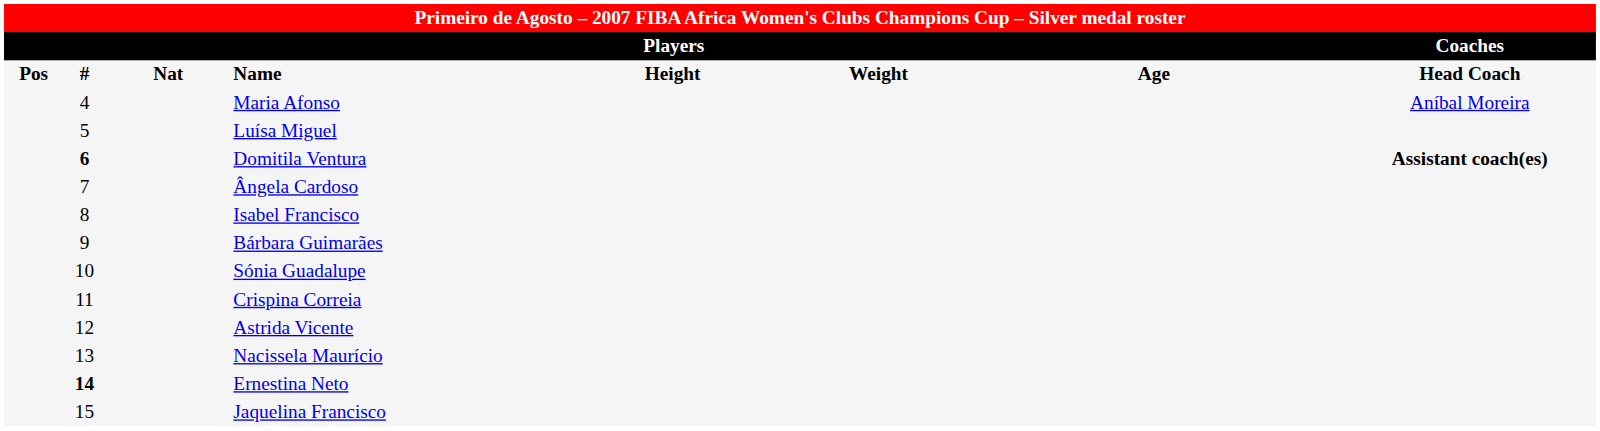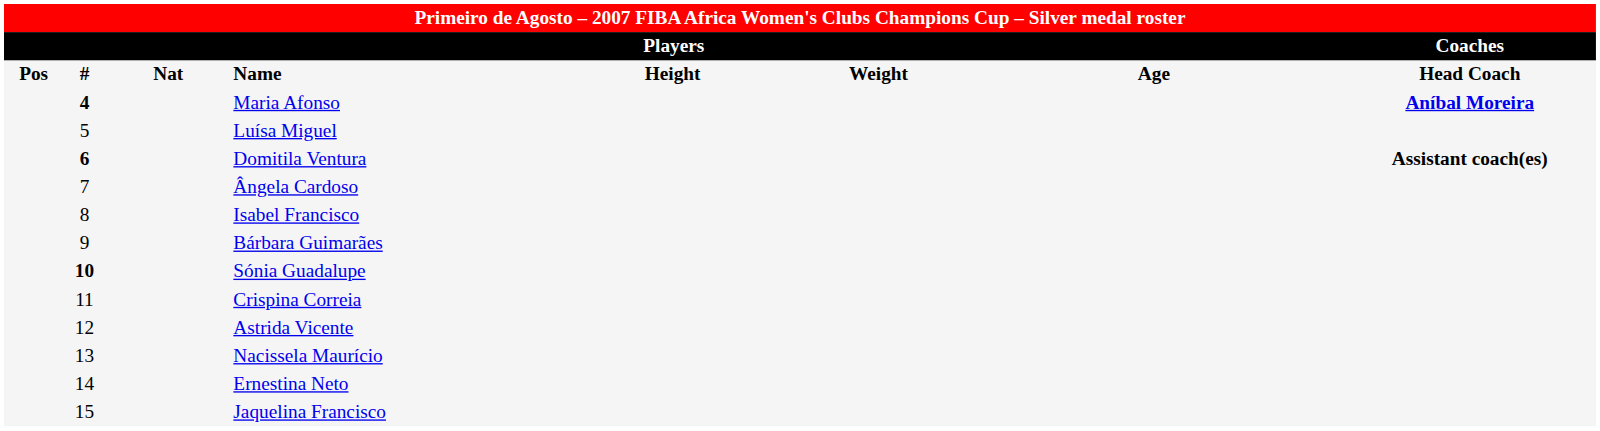 <table border=0 cellpadding=2 cellspacing=0  |- bgcolor=#f5f5f5 style="text-align:center; font-size:90%;" width=75%>
 <tr>
 <td colspan="8" style="background: red; color: white"><strong>Primeiro de Agosto – 2007 FIBA Africa Women's Clubs Champions Cup – Silver medal roster</strong></td>
 </tr>
 <tr>
 <td colspan="7" style="background: black; color: white"><strong>Players</strong></td>
 <td style="background: black; color: white"><strong>Coaches</strong></td>
 </tr>
 <tr style="background=#f5f5f5; color: black">
 <th width=5px>Pos</th>
 <th width=5px>#</th>
 <th width=50px>Nat</th>
 <th width=135px align=left>Name</th>
 <th width=100px>Height</th>
 <th width=70px>Weight</th>
 <th width=160px>Age</th>
 <th width=105px>Head Coach</th>
 </tr>
 <tr>
 <td></td>
-<td>4</td>
+<td><strong>4</strong></td>
 <td></td>
 <td align=left><a href='#'>Maria Afonso</a></td>
 <td></td>
 <td></td>
 <td><span></span></td>
-<td> <a href='#'>Aníbal Moreira</a></td>
+<td><strong> <a href='#'>Aníbal Moreira</a></strong></td>
 </tr>
 <tr>
 <td></td>
 <td>5</td>
 <td></td>
 <td align=left><a href='#'>Luísa Miguel</a></td>
 <td></td>
 <td></td>
 <td><span></span></td>
 </tr>
 <tr>
 <td></td>
 <td><strong>6</strong></td>
 <td></td>
 <td align=left><a href='#'>Domitila Ventura</a></td>
 <td></td>
 <td></td>
 <td><span></span></td>
 <td><strong>Assistant coach(es)</strong></td>
 </tr>
 <tr>
 <td></td>
 <td>7</td>
 <td></td>
 <td align=left><a href='#'>Ângela Cardoso</a></td>
 <td></td>
 <td></td>
 <td><span></span></td>
 <td></td>
 </tr>
 <tr>
 <td></td>
 <td>8</td>
 <td></td>
 <td align=left><a href='#'>Isabel Francisco</a></td>
 <td></td>
 <td></td>
 <td><span></span></td>
 <td></td>
 </tr>
 <tr>
 <td></td>
 <td>9</td>
 <td></td>
 <td align=left><a href='#'>Bárbara Guimarães</a></td>
 <td></td>
 <td></td>
 <td><span></span></td>
 </tr>
 <tr>
 <td></td>
-<td>10</td>
+<td><strong>10</strong></td>
 <td></td>
 <td align=left><a href='#'>Sónia Guadalupe</a></td>
 <td></td>
 <td></td>
 <td><span></span></td>
 </tr>
 <tr>
 <td></td>
 <td>11</td>
 <td></td>
 <td align=left><a href='#'>Crispina Correia</a></td>
 <td></td>
 <td></td>
 <td><span></span></td>
 </tr>
 <tr>
 <td></td>
 <td>12</td>
 <td></td>
 <td align=left><a href='#'>Astrida Vicente</a></td>
 <td></td>
 <td></td>
 <td><span></span></td>
 </tr>
 <tr>
 <td></td>
 <td>13</td>
 <td></td>
 <td align=left><a href='#'>Nacissela Maurício</a></td>
 <td></td>
 <td></td>
 <td><span></span></td>
 </tr>
 <tr>
 <td></td>
-<td><strong>14</strong></td>
+<td>14</td>
 <td></td>
 <td align=left><a href='#'>Ernestina Neto</a></td>
 <td></td>
 <td></td>
 <td><span></span></td>
 </tr>
 <tr>
 <td></td>
 <td>15</td>
 <td></td>
 <td align=left><a href='#'>Jaquelina Francisco</a></td>
 <td></td>
 <td></td>
 <td><span></span></td>
 </tr>
 </table>
